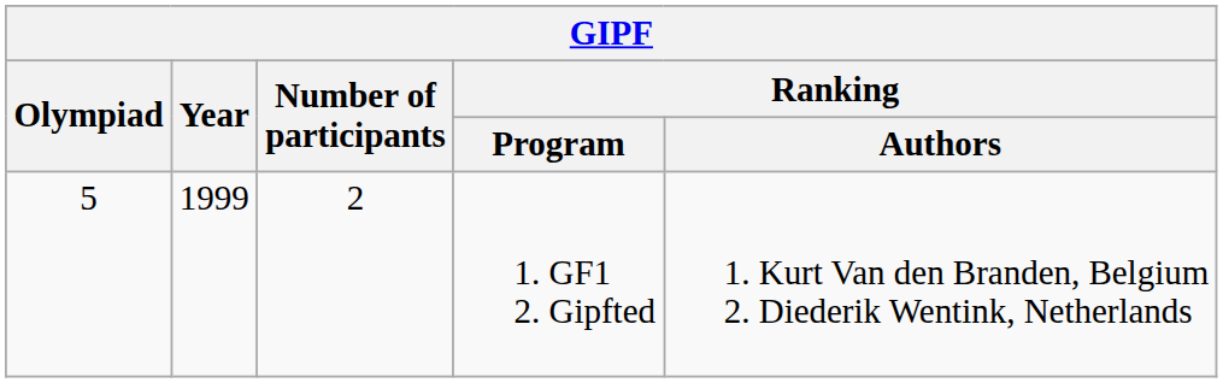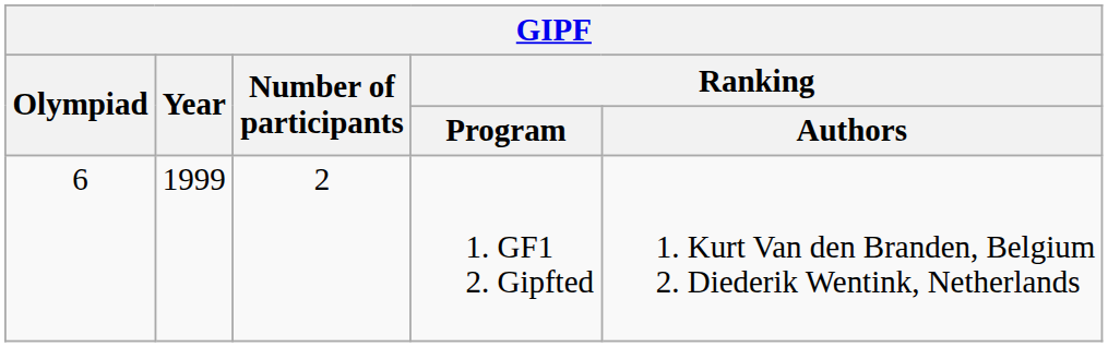 <table class="wikitable">
 <tr align="center">
 <th colspan=5><a href='#'>GIPF</a></th>
 </tr>
 <tr>
 <th rowspan=2>Olympiad</th>
 <th rowspan=2>Year</th>
 <th rowspan=2>Number of<br>participants</th>
 <th colspan=2>Ranking</th>
 </tr>
 <tr align="center">
 <th>Program</th>
 <th>Authors</th>
 </tr>
 <tr align="center" valign="top">
-<td>5</td>
+<td>6</td>
 <td>1999</td>
 <td>2</td>
 <td align="left"><br><ol><li>GF1</li><li>Gipfted</li></ol></td>
 <td align=left><br><ol><li>Kurt Van den Branden, Belgium</li><li>Diederik Wentink, Netherlands</li></ol></td>
 </tr>
 </table>
